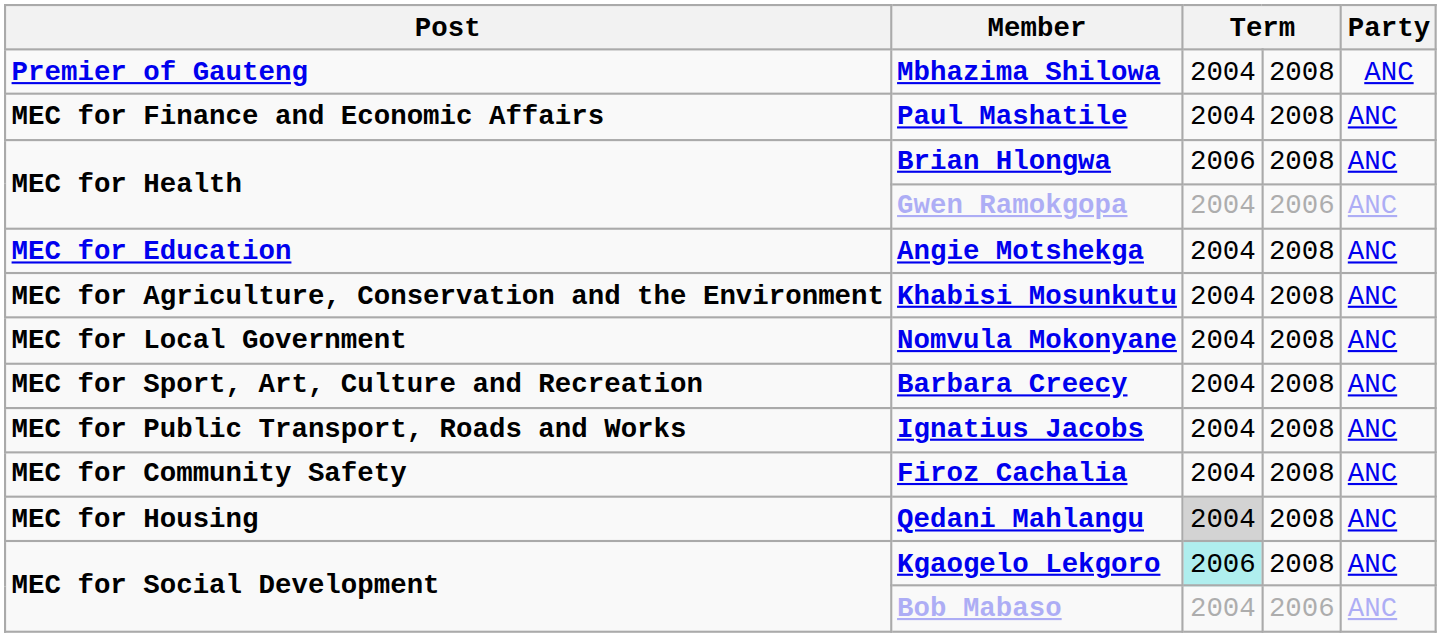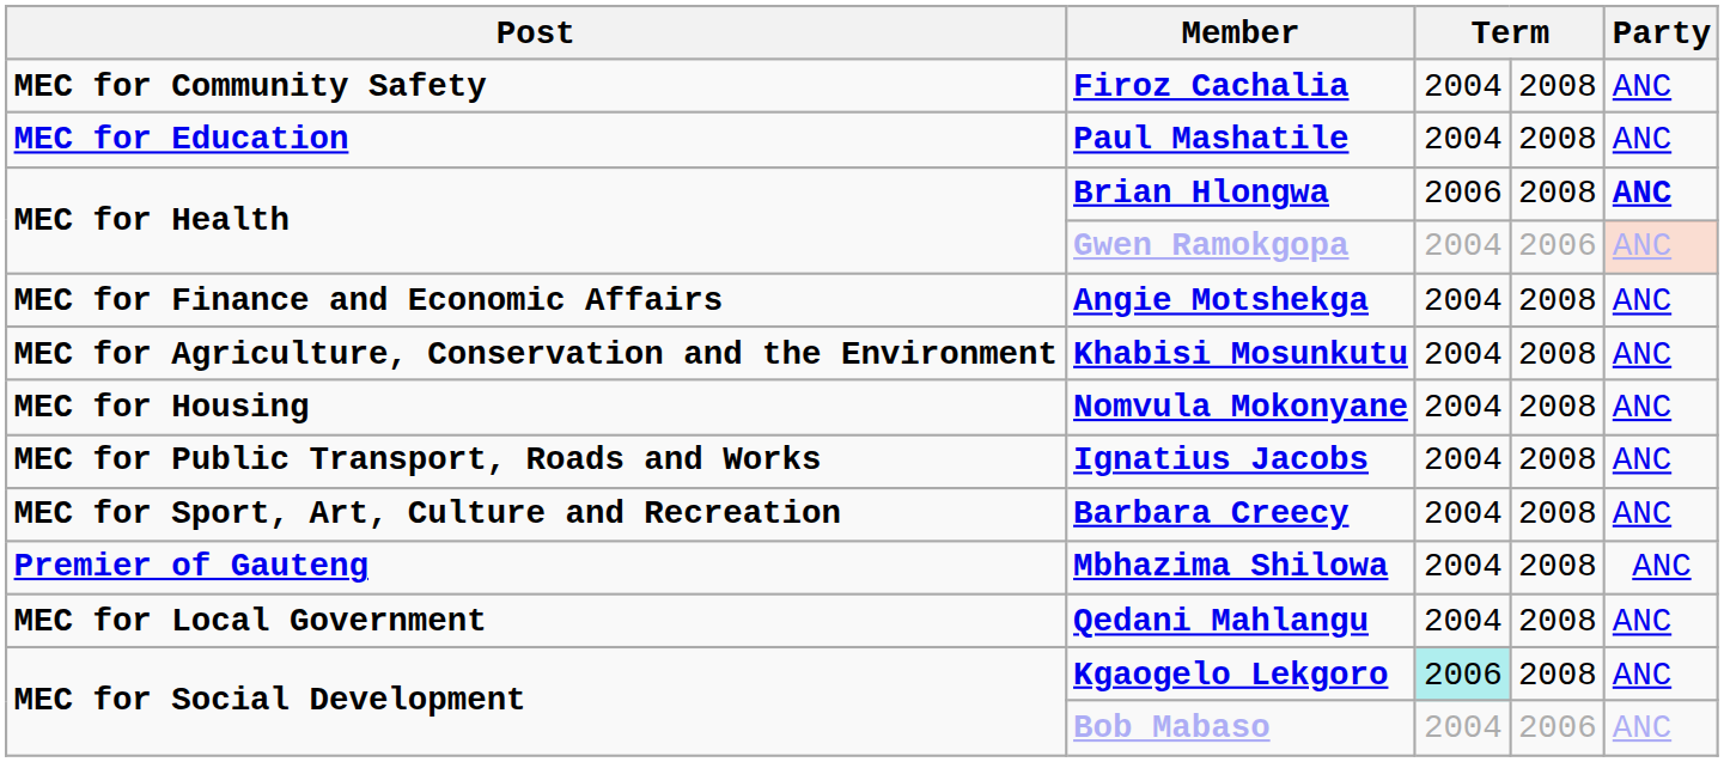 <table class="wikitable collapsible">
 <tr>
 <th>Post</th>
 <th>Member</th>
 <th colspan="2">Term</th>
 <th>Party</th>
 </tr>
 <tr>
-<td><strong><a href='#'>Premier of Gauteng</a></strong></td>
-<td><strong><a href='#'>Mbhazima Shilowa</a></strong></td>
+<td><strong>MEC for Community Safety</strong></td>
+<td><strong><a href='#'>Firoz Cachalia</a></strong></td>
 <td>2004</td>
 <td>2008</td>
-<td align="center"><a href='#'>ANC</a></td>
+<td><a href='#'>ANC</a></td>
 </tr>
 <tr>
-<td><strong>MEC for Finance and Economic Affairs</strong></td>
+<td><a href='#'><strong>MEC for Education</strong></a></td>
 <td><strong><a href='#'>Paul Mashatile</a></strong></td>
 <td>2004</td>
 <td>2008</td>
 <td><a href='#'>ANC</a></td>
 </tr>
 <tr>
 <td rowspan="2"><strong>MEC for Health</strong></td>
 <td><strong><a href='#'>Brian Hlongwa</a></strong></td>
 <td>2006</td>
 <td>2008</td>
-<td><a href='#'>ANC</a></td>
+<td><strong><a href='#'>ANC</a></strong></td>
 </tr>
 <tr style="opacity:.3;">
 <td><strong><a href='#'>Gwen Ramokgopa</a></strong></td>
 <td>2004</td>
 <td>2006</td>
-<td><a href='#'>ANC</a></td>
+<td style="background: lightsalmon;"><a href='#'>ANC</a></td>
 </tr>
 <tr>
-<td><a href='#'><strong>MEC for Education</strong></a></td>
+<td><strong>MEC for Finance and Economic Affairs</strong></td>
 <td><strong><a href='#'>Angie Motshekga</a></strong></td>
 <td>2004</td>
 <td>2008</td>
 <td><a href='#'>ANC</a></td>
 </tr>
 <tr>
 <td><strong>MEC for Agriculture, Conservation and the Environment</strong></td>
 <td><strong><a href='#'>Khabisi Mosunkutu</a></strong></td>
 <td>2004</td>
 <td>2008</td>
 <td><a href='#'>ANC</a></td>
 </tr>
 <tr>
-<td><strong>MEC for Local Government</strong></td>
+<td><strong>MEC for Housing</strong></td>
 <td><strong><a href='#'>Nomvula Mokonyane</a></strong></td>
+<td>2004</td>
+<td>2008</td>
+<td><a href='#'>ANC</a></td>
+</tr>
+<tr>
+<td><strong>MEC for Public Transport, Roads and Works</strong></td>
+<td><strong><a href='#'>Ignatius Jacobs</a></strong></td>
 <td>2004</td>
 <td>2008</td>
 <td><a href='#'>ANC</a></td>
 </tr>
 <tr>
 <td><strong>MEC for Sport, Art, Culture and Recreation</strong></td>
 <td><strong><a href='#'>Barbara Creecy</a></strong></td>
 <td>2004</td>
 <td>2008</td>
 <td><a href='#'>ANC</a></td>
 </tr>
 <tr>
-<td><strong>MEC for Public Transport, Roads and Works</strong></td>
-<td><strong><a href='#'>Ignatius Jacobs</a></strong></td>
+<td><strong><a href='#'>Premier of Gauteng</a></strong></td>
+<td><strong><a href='#'>Mbhazima Shilowa</a></strong></td>
 <td>2004</td>
 <td>2008</td>
-<td><a href='#'>ANC</a></td>
+<td align="center"><a href='#'>ANC</a></td>
 </tr>
 <tr>
-<td><strong>MEC for Community Safety</strong></td>
-<td><strong><a href='#'>Firoz Cachalia</a></strong></td>
+<td><strong>MEC for Local Government</strong></td>
+<td><strong><a href='#'>Qedani Mahlangu</a></strong></td>
 <td>2004</td>
-<td>2008</td>
-<td><a href='#'>ANC</a></td>
-</tr>
-<tr>
-<td><strong>MEC for Housing</strong></td>
-<td><strong><a href='#'>Qedani Mahlangu</a></strong></td>
-<td style="background: lightgrey;">2004</td>
 <td>2008</td>
 <td><a href='#'>ANC</a></td>
 </tr>
 <tr>
 <td rowspan="2"><strong>MEC for Social Development</strong></td>
 <td><strong><a href='#'>Kgaogelo Lekgoro</a></strong></td>
 <td style="background: paleturquoise;">2006</td>
 <td>2008</td>
 <td><a href='#'>ANC</a></td>
 </tr>
 <tr style="opacity:.3;">
 <td><strong><a href='#'>Bob Mabaso</a></strong></td>
 <td>2004</td>
 <td>2006</td>
 <td><a href='#'>ANC</a></td>
 </tr>
 </table>
